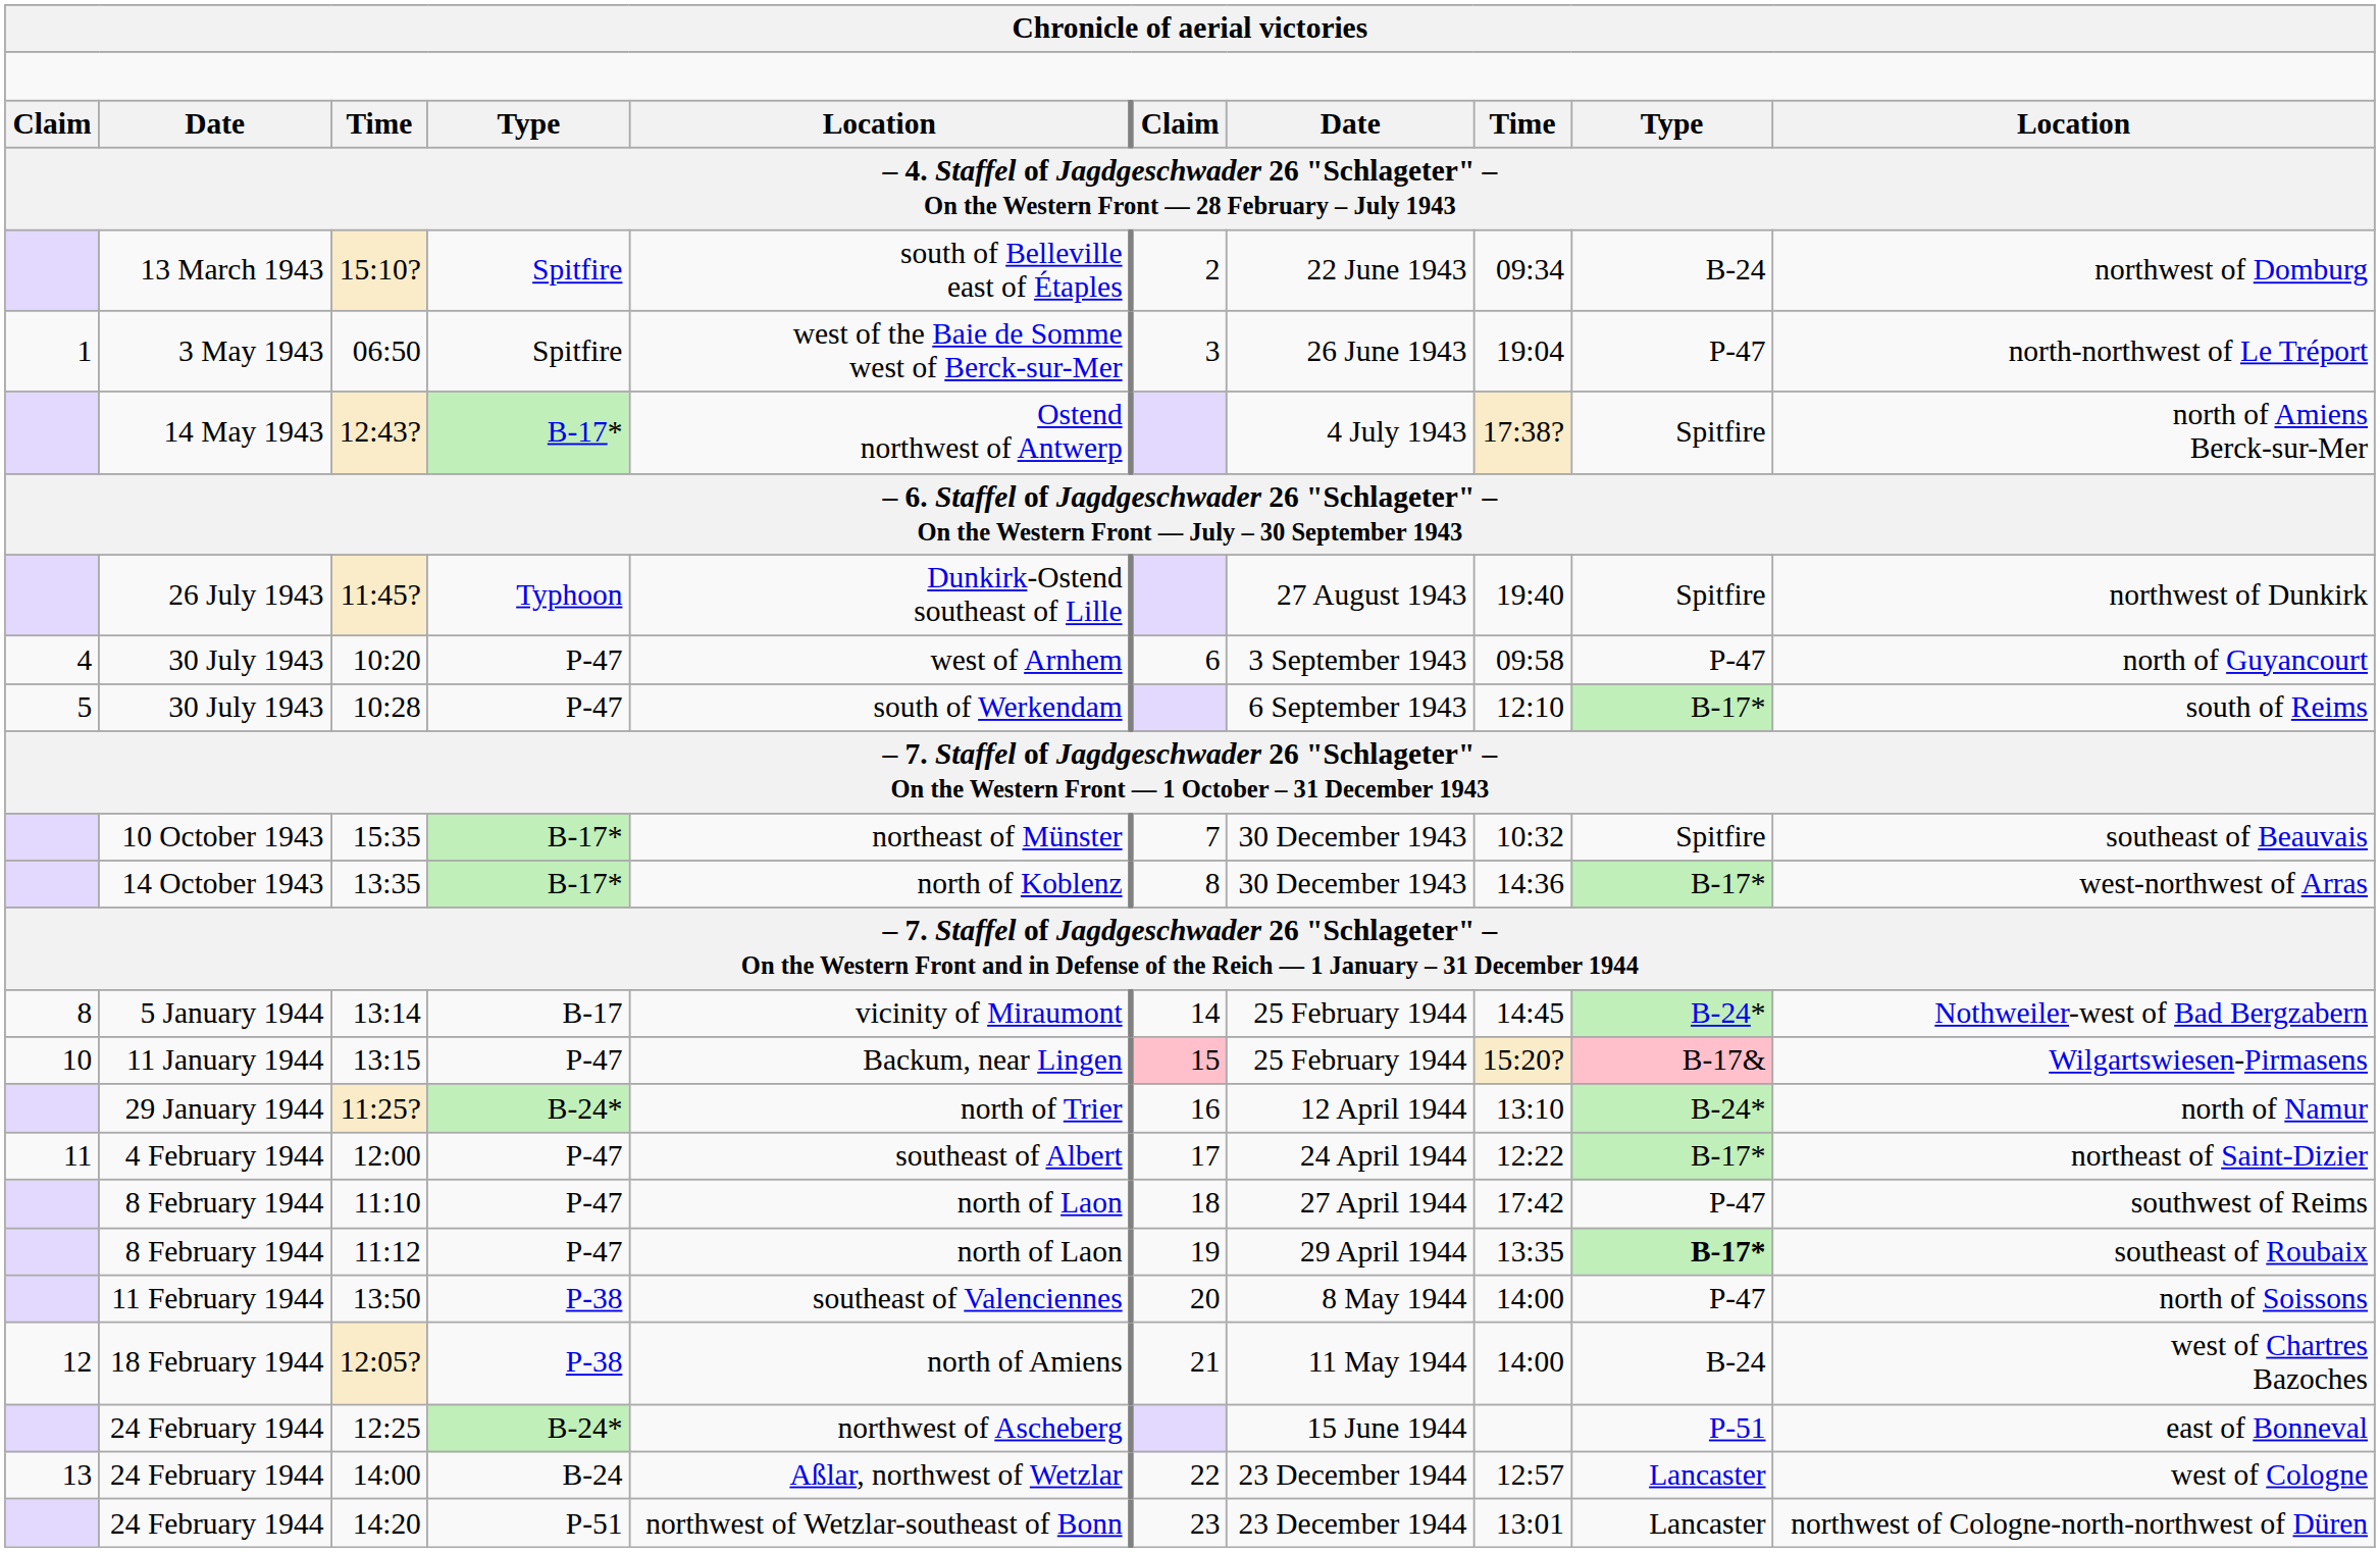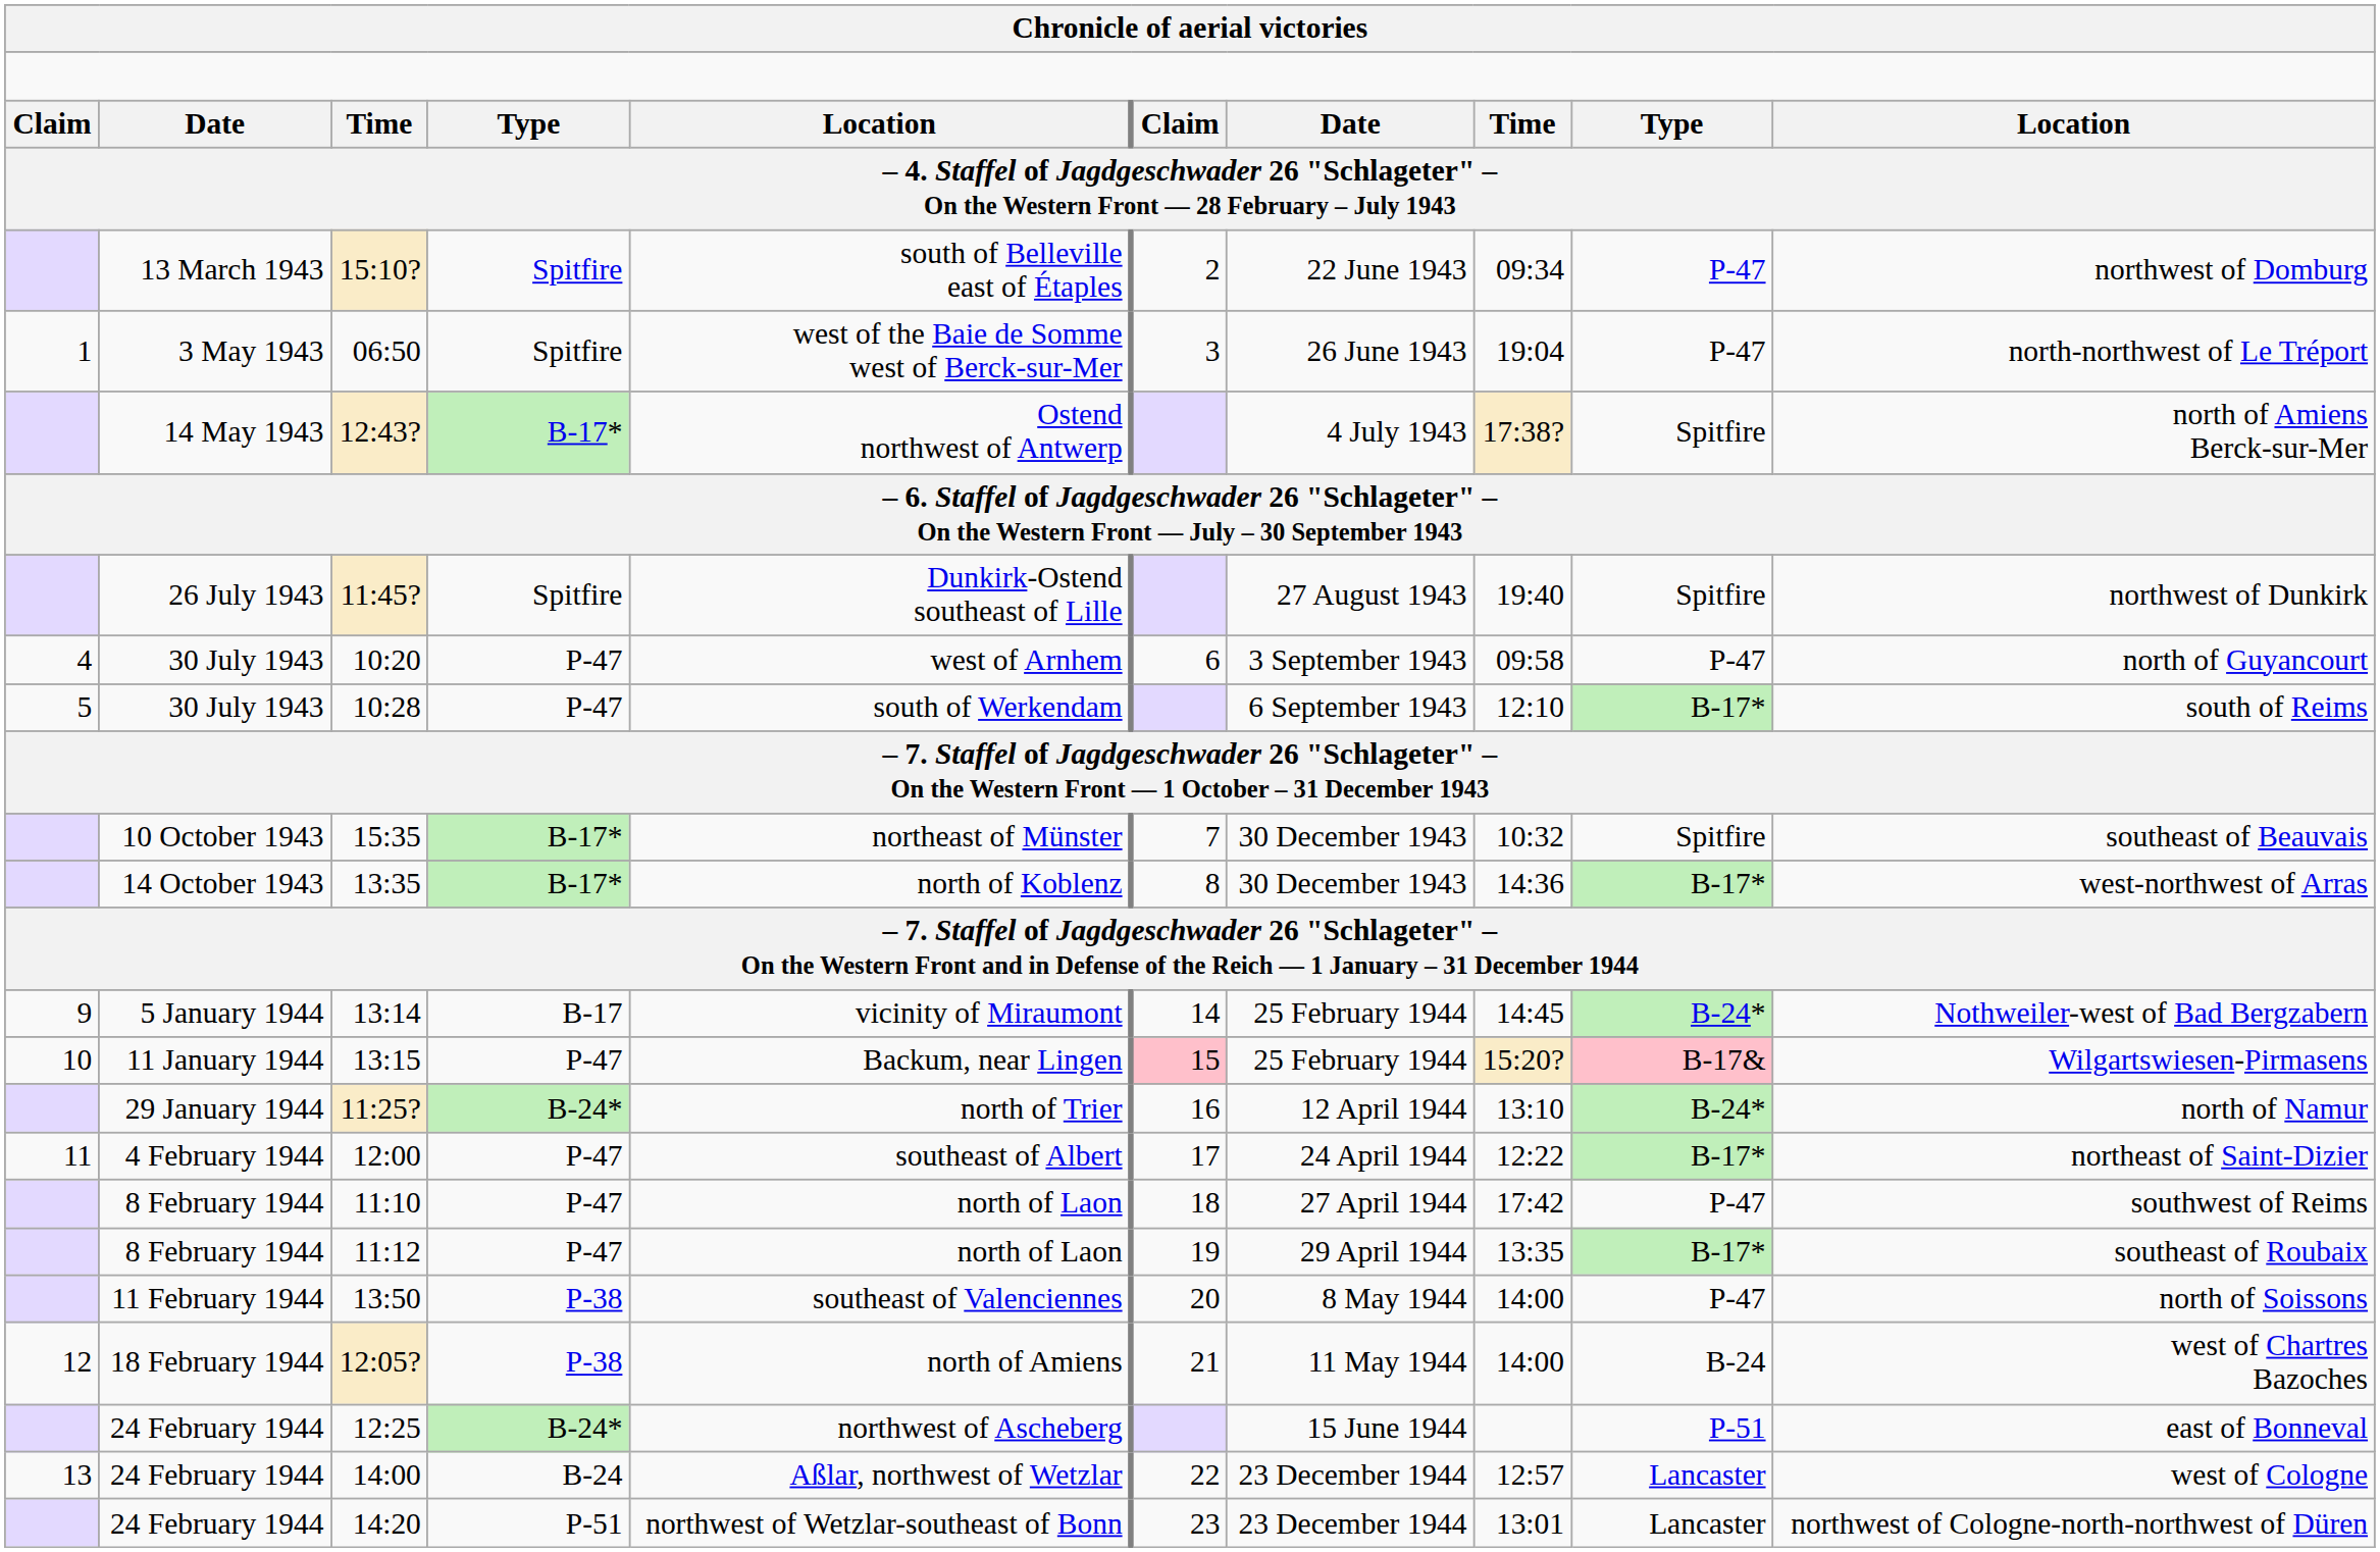 <table class="wikitable plainrowheaders collapsible" style="margin-left: auto; margin-right: auto; border: none; text-align:right; width: 100%;">
 <tr>
 <th colspan="10">Chronicle of aerial victories</th>
 </tr>
 <tr>
 <td colspan="10" style="text-align: left;"><br>   </td>
 </tr>
 <tr>
 <th scope="col">Claim</th>
 <th scope="col">Date</th>
 <th scope="col">Time</th>
 <th scope="col" width="100px">Type</th>
 <th scope="col">Location</th>
 <th scope="col" style="border-left: 3px solid grey;">Claim</th>
 <th scope="col">Date</th>
 <th scope="col">Time</th>
 <th scope="col" width="100px">Type</th>
 <th scope="col">Location</th>
 </tr>
 <tr>
 <th colspan="10">– 4. <em>Staffel</em> of <em>Jagdgeschwader</em> 26 "Schlageter" –<br><small>On the Western Front — 28 February – July 1943</small></th>
 </tr>
 <tr>
 <td style="background:#e3d9ff;"></td>
 <td>13 March 1943</td>
 <td style="background:#faecc8">15:10?</td>
 <td><a href='#'>Spitfire</a></td>
 <td>south of <a href='#'>Belleville</a><br>east of <a href='#'>Étaples</a></td>
 <td style="border-left: 3px solid grey;">2</td>
 <td>22 June 1943</td>
 <td>09:34</td>
-<td>B-24</td>
+<td><a href='#'>P-47</a></td>
 <td> northwest of <a href='#'>Domburg</a></td>
 </tr>
 <tr>
 <td>1</td>
 <td>3 May 1943</td>
 <td>06:50</td>
 <td>Spitfire</td>
 <td> west of the <a href='#'>Baie de Somme</a><br> west of <a href='#'>Berck-sur-Mer</a></td>
 <td style="border-left: 3px solid grey;">3</td>
 <td>26 June 1943</td>
 <td>19:04</td>
 <td>P-47</td>
 <td> north-northwest of <a href='#'>Le Tréport</a></td>
 </tr>
 <tr>
 <td style="background:#e3d9ff;"></td>
 <td>14 May 1943</td>
 <td style="background:#faecc8">12:43?</td>
 <td style="background:#C0EFBA"><a href='#'>B-17</a>*</td>
 <td><a href='#'>Ostend</a><br>northwest of <a href='#'>Antwerp</a></td>
 <td style="border-left: 3px solid grey; background:#e3d9ff;"></td>
 <td>4 July 1943</td>
 <td style="background:#faecc8">17:38?</td>
 <td>Spitfire</td>
 <td>north of <a href='#'>Amiens</a><br>Berck-sur-Mer</td>
 </tr>
 <tr>
 <th colspan="10">– 6. <em>Staffel</em> of <em>Jagdgeschwader</em> 26 "Schlageter" –<br><small>On the Western Front — July – 30 September 1943</small></th>
 </tr>
 <tr>
 <td style="background:#e3d9ff;"></td>
 <td>26 July 1943</td>
 <td style="background:#faecc8">11:45?</td>
-<td><a href='#'>Typhoon</a></td>
+<td>Spitfire</td>
 <td><a href='#'>Dunkirk</a>-Ostend<br> southeast of <a href='#'>Lille</a></td>
 <td style="border-left: 3px solid grey; background:#e3d9ff;"></td>
 <td>27 August 1943</td>
 <td>19:40</td>
 <td>Spitfire</td>
 <td>northwest of Dunkirk</td>
 </tr>
 <tr>
 <td>4</td>
 <td>30 July 1943</td>
 <td>10:20</td>
 <td>P-47</td>
 <td>west of <a href='#'>Arnhem</a></td>
 <td style="border-left: 3px solid grey;">6</td>
 <td>3 September 1943</td>
 <td>09:58</td>
 <td>P-47</td>
 <td> north of <a href='#'>Guyancourt</a></td>
 </tr>
 <tr>
 <td>5</td>
 <td>30 July 1943</td>
 <td>10:28</td>
 <td>P-47</td>
 <td> south of <a href='#'>Werkendam</a></td>
 <td style="border-left: 3px solid grey; background:#e3d9ff;"></td>
 <td>6 September 1943</td>
 <td>12:10</td>
 <td style="background:#C0EFBA">B-17*</td>
 <td>south of <a href='#'>Reims</a></td>
 </tr>
 <tr>
 <th colspan="10">– 7. <em>Staffel</em> of <em>Jagdgeschwader</em> 26 "Schlageter" –<br><small>On the Western Front — 1 October – 31 December 1943</small></th>
 </tr>
 <tr>
 <td style="background:#e3d9ff;"></td>
 <td>10 October 1943</td>
 <td>15:35</td>
 <td style="background:#C0EFBA">B-17*</td>
 <td>northeast of <a href='#'>Münster</a></td>
 <td style="border-left: 3px solid grey;">7</td>
 <td>30 December 1943</td>
 <td>10:32</td>
 <td>Spitfire</td>
 <td> southeast of <a href='#'>Beauvais</a></td>
 </tr>
 <tr>
 <td style="background:#e3d9ff;"></td>
 <td>14 October 1943</td>
 <td>13:35</td>
 <td style="background:#C0EFBA">B-17*</td>
 <td>north of <a href='#'>Koblenz</a></td>
 <td style="border-left: 3px solid grey;">8</td>
 <td>30 December 1943</td>
 <td>14:36</td>
 <td style="background:#C0EFBA">B-17*</td>
 <td> west-northwest of <a href='#'>Arras</a></td>
 </tr>
 <tr>
 <th colspan="10">– 7. <em>Staffel</em> of <em>Jagdgeschwader</em> 26 "Schlageter" –<br><small>On the Western Front and in Defense of the Reich — 1 January – 31 December 1944</small></th>
 </tr>
 <tr>
-<td>8</td>
+<td>9</td>
 <td>5 January 1944</td>
 <td>13:14</td>
 <td>B-17</td>
 <td>vicinity of <a href='#'>Miraumont</a></td>
 <td style="border-left: 3px solid grey;">14</td>
 <td>25 February 1944</td>
 <td>14:45</td>
 <td style="background:#C0EFBA"><a href='#'>B-24</a>*</td>
 <td><a href='#'>Nothweiler</a>-west of <a href='#'>Bad Bergzabern</a></td>
 </tr>
 <tr>
 <td>10</td>
 <td>11 January 1944</td>
 <td>13:15</td>
 <td>P-47</td>
 <td>Backum, near <a href='#'>Lingen</a></td>
 <td style="background: pink; border-left: 3px solid grey;">15</td>
 <td>25 February 1944</td>
 <td style="background:#faecc8">15:20?</td>
 <td style="background:pink;">B-17&</td>
 <td><a href='#'>Wilgartswiesen</a>-<a href='#'>Pirmasens</a></td>
 </tr>
 <tr>
 <td style="background:#e3d9ff;"></td>
 <td>29 January 1944</td>
 <td style="background:#faecc8">11:25?</td>
 <td style="background:#C0EFBA">B-24*</td>
 <td>north of <a href='#'>Trier</a></td>
 <td style="border-left: 3px solid grey;">16</td>
 <td>12 April 1944</td>
 <td>13:10</td>
 <td style="background:#C0EFBA">B-24*</td>
 <td> north of <a href='#'>Namur</a></td>
 </tr>
 <tr>
 <td>11</td>
 <td>4 February 1944</td>
 <td>12:00</td>
 <td>P-47</td>
 <td> southeast of <a href='#'>Albert</a></td>
 <td style="border-left: 3px solid grey;">17</td>
 <td>24 April 1944</td>
 <td>12:22</td>
 <td style="background:#C0EFBA">B-17*</td>
 <td>northeast of <a href='#'>Saint-Dizier</a></td>
 </tr>
 <tr>
 <td style="background:#e3d9ff;"></td>
 <td>8 February 1944</td>
 <td>11:10</td>
 <td>P-47</td>
 <td>north of <a href='#'>Laon</a></td>
 <td style="border-left: 3px solid grey;">18</td>
 <td>27 April 1944</td>
 <td>17:42</td>
 <td>P-47</td>
 <td>southwest of Reims</td>
 </tr>
 <tr>
 <td style="background:#e3d9ff;"></td>
 <td>8 February 1944</td>
 <td>11:12</td>
 <td>P-47</td>
 <td>north of Laon</td>
 <td style="border-left: 3px solid grey;">19</td>
 <td>29 April 1944</td>
 <td>13:35</td>
-<td style="background:#C0EFBA"><strong>B-17*</strong></td>
+<td style="background:#C0EFBA">B-17*</td>
 <td> southeast of <a href='#'>Roubaix</a></td>
 </tr>
 <tr>
 <td style="background:#e3d9ff;"></td>
 <td>11 February 1944</td>
 <td>13:50</td>
 <td><a href='#'>P-38</a></td>
 <td>southeast of <a href='#'>Valenciennes</a></td>
 <td style="border-left: 3px solid grey;">20</td>
 <td>8 May 1944</td>
 <td>14:00</td>
 <td>P-47</td>
 <td> north of <a href='#'>Soissons</a></td>
 </tr>
 <tr>
 <td>12</td>
 <td>18 February 1944</td>
 <td style="background:#faecc8">12:05?</td>
 <td><a href='#'>P-38</a></td>
 <td>north of Amiens</td>
 <td style="border-left: 3px solid grey;">21</td>
 <td>11 May 1944</td>
 <td>14:00</td>
 <td>B-24</td>
 <td> west of <a href='#'>Chartres</a><br>Bazoches</td>
 </tr>
 <tr>
 <td style="background:#e3d9ff;"></td>
 <td>24 February 1944</td>
 <td>12:25</td>
 <td style="background:#C0EFBA">B-24*</td>
 <td>northwest of <a href='#'>Ascheberg</a></td>
 <td style="border-left: 3px solid grey; background:#e3d9ff;"></td>
 <td>15 June 1944</td>
 <td></td>
 <td><a href='#'>P-51</a></td>
 <td>east of <a href='#'>Bonneval</a></td>
 </tr>
 <tr>
 <td>13</td>
 <td>24 February 1944</td>
 <td>14:00</td>
 <td>B-24</td>
 <td><a href='#'>Aßlar</a>,  northwest of <a href='#'>Wetzlar</a></td>
 <td style="border-left: 3px solid grey;">22</td>
 <td>23 December 1944</td>
 <td>12:57</td>
 <td><a href='#'>Lancaster</a></td>
 <td>west of <a href='#'>Cologne</a></td>
 </tr>
 <tr>
 <td style="background:#e3d9ff;"></td>
 <td>24 February 1944</td>
 <td>14:20</td>
 <td>P-51</td>
 <td>northwest of Wetzlar-southeast of <a href='#'>Bonn</a></td>
 <td style="border-left: 3px solid grey;">23</td>
 <td>23 December 1944</td>
 <td>13:01</td>
 <td>Lancaster</td>
 <td>northwest of Cologne-north-northwest of <a href='#'>Düren</a></td>
 </tr>
 </table>
